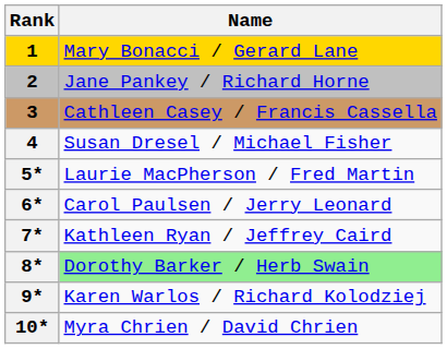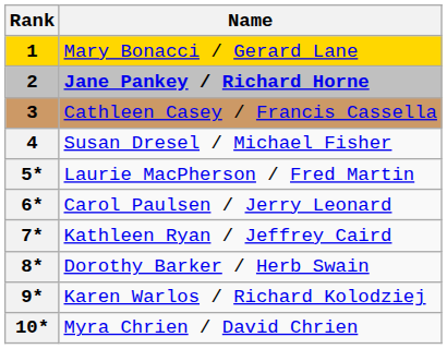 <table class="wikitable">
 <tr>
 <th>Rank</th>
 <th>Name</th>
 </tr>
 <tr bgcolor="gold">
 <td align="center"><strong>1</strong></td>
 <td><a href='#'>Mary Bonacci</a> / <a href='#'>Gerard Lane</a></td>
 </tr>
 <tr bgcolor="silver">
 <td align="center"><strong>2</strong></td>
-<td><a href='#'>Jane Pankey</a> / <a href='#'>Richard Horne</a></td>
+<td><strong><a href='#'>Jane Pankey</a> / <a href='#'>Richard Horne</a></strong></td>
 </tr>
 <tr bgcolor="cc9966">
 <td align="center"><strong>3</strong></td>
 <td><a href='#'>Cathleen Casey</a> / <a href='#'>Francis Cassella</a></td>
 </tr>
 <tr>
 <th>4</th>
 <td><a href='#'>Susan Dresel</a> / <a href='#'>Michael Fisher</a></td>
 </tr>
 <tr>
 <th>5*</th>
 <td><a href='#'>Laurie MacPherson</a> / <a href='#'>Fred Martin</a></td>
 </tr>
 <tr>
 <th>6*</th>
 <td><a href='#'>Carol Paulsen</a> / <a href='#'>Jerry Leonard</a></td>
 </tr>
 <tr>
 <th>7*</th>
 <td><a href='#'>Kathleen Ryan</a> / <a href='#'>Jeffrey Caird</a></td>
 </tr>
 <tr>
 <th>8*</th>
-<td style="background: lightgreen;"><a href='#'>Dorothy Barker</a> / <a href='#'>Herb Swain</a></td>
+<td><a href='#'>Dorothy Barker</a> / <a href='#'>Herb Swain</a></td>
 </tr>
 <tr>
 <th>9*</th>
 <td><a href='#'>Karen Warlos</a> / <a href='#'>Richard Kolodziej</a></td>
 </tr>
 <tr>
 <th>10*</th>
 <td><a href='#'>Myra Chrien</a> / <a href='#'>David Chrien</a></td>
 </tr>
 </table>
